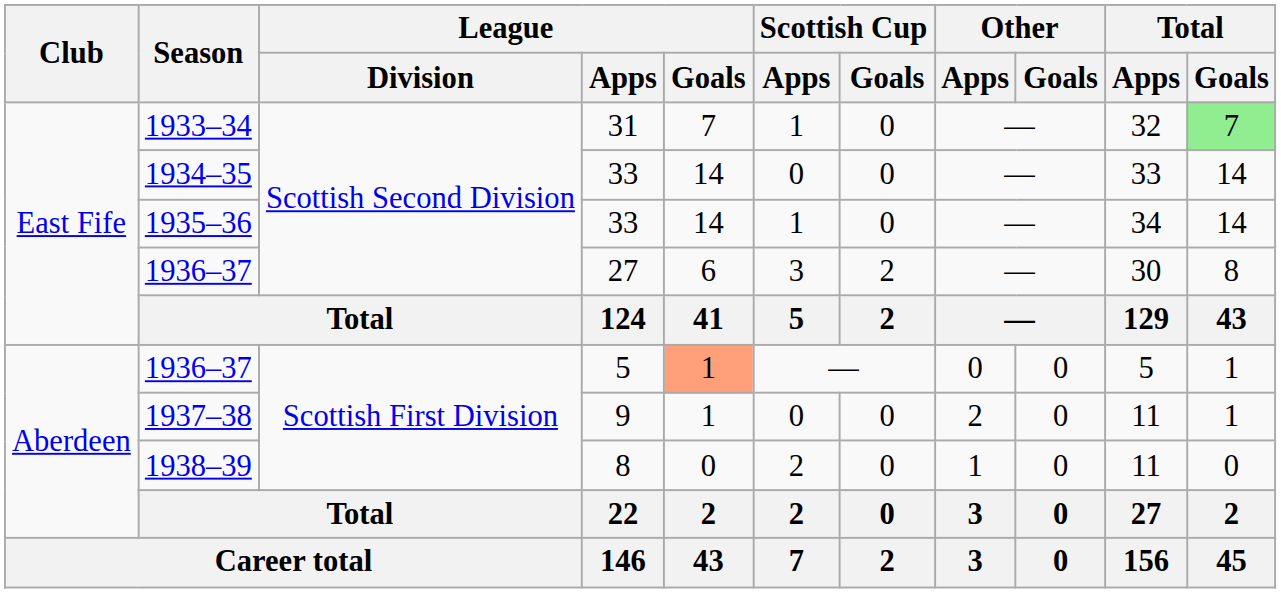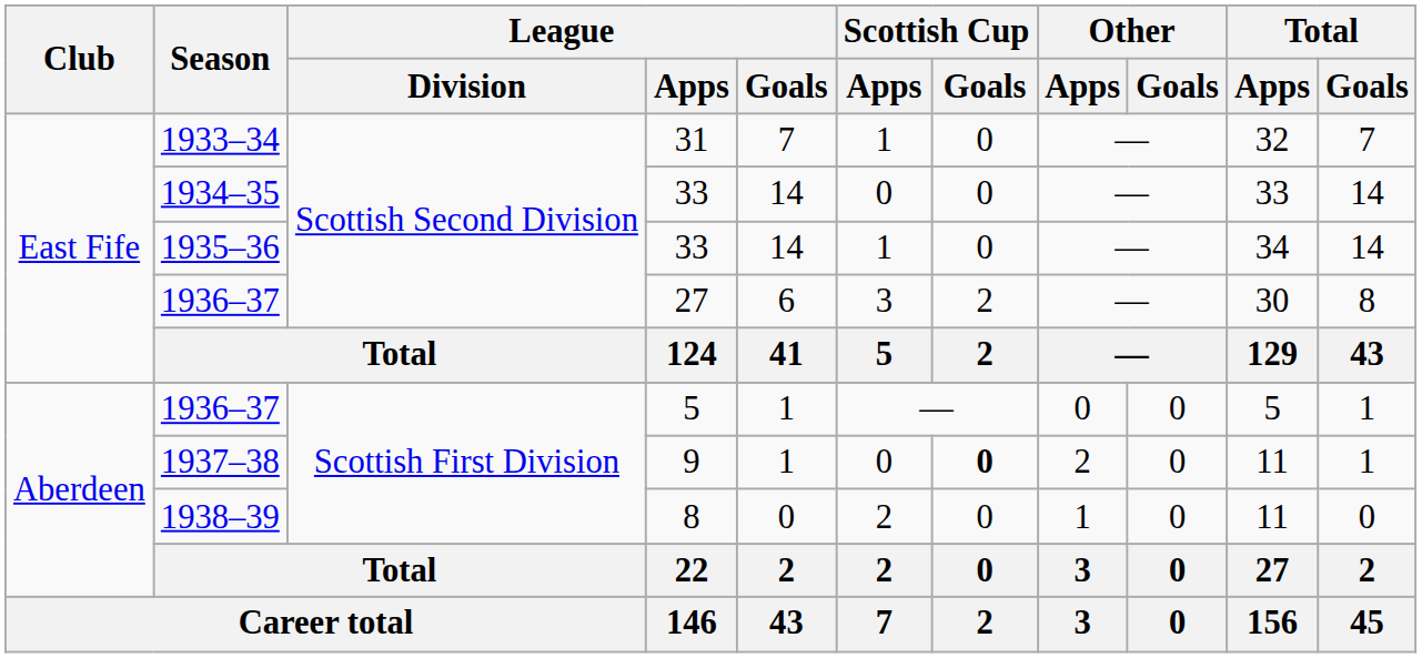 <table class="wikitable" style="text-align: center;">
 <tr>
 <th rowspan="2">Club</th>
 <th rowspan="2">Season</th>
 <th colspan="3">League</th>
 <th colspan="2">Scottish Cup</th>
 <th colspan="2">Other</th>
 <th colspan="2">Total</th>
 </tr>
 <tr>
 <th>Division</th>
 <th>Apps</th>
 <th>Goals</th>
 <th>Apps</th>
 <th>Goals</th>
 <th>Apps</th>
 <th>Goals</th>
 <th>Apps</th>
 <th>Goals</th>
 </tr>
 <tr>
 <td rowspan="5"><a href='#'>East Fife</a></td>
 <td><a href='#'>1933–34</a></td>
 <td rowspan="4"><a href='#'>Scottish Second Division</a></td>
 <td>31</td>
 <td>7</td>
 <td>1</td>
 <td>0</td>
 <td colspan="2">—</td>
 <td>32</td>
-<td style="background: lightgreen;">7</td>
+<td>7</td>
 </tr>
 <tr>
 <td><a href='#'>1934–35</a></td>
 <td>33</td>
 <td>14</td>
 <td>0</td>
 <td>0</td>
 <td colspan="2">—</td>
 <td>33</td>
 <td>14</td>
 </tr>
 <tr>
 <td><a href='#'>1935–36</a></td>
 <td>33</td>
 <td>14</td>
 <td>1</td>
 <td>0</td>
 <td colspan="2">—</td>
 <td>34</td>
 <td>14</td>
 </tr>
 <tr>
 <td><a href='#'>1936–37</a></td>
 <td>27</td>
 <td>6</td>
 <td>3</td>
 <td>2</td>
 <td colspan="2">—</td>
 <td>30</td>
 <td>8</td>
 </tr>
 <tr>
 <th colspan="2">Total</th>
 <th>124</th>
 <th>41</th>
 <th>5</th>
 <th>2</th>
 <th colspan="2">—</th>
 <th>129</th>
 <th>43</th>
 </tr>
 <tr>
 <td rowspan="4"><a href='#'>Aberdeen</a></td>
 <td><a href='#'>1936–37</a></td>
 <td rowspan="3"><a href='#'>Scottish First Division</a></td>
 <td>5</td>
-<td style="background: lightsalmon;">1</td>
+<td>1</td>
 <td colspan="2">—</td>
 <td>0</td>
 <td>0</td>
 <td>5</td>
 <td>1</td>
 </tr>
 <tr>
 <td><a href='#'>1937–38</a></td>
 <td>9</td>
 <td>1</td>
 <td>0</td>
-<td>0</td>
+<td><strong>0</strong></td>
 <td>2</td>
 <td>0</td>
 <td>11</td>
 <td>1</td>
 </tr>
 <tr>
 <td><a href='#'>1938–39</a></td>
 <td>8</td>
 <td>0</td>
 <td>2</td>
 <td>0</td>
 <td>1</td>
 <td>0</td>
 <td>11</td>
 <td>0</td>
 </tr>
 <tr>
 <th colspan="2">Total</th>
 <th>22</th>
 <th>2</th>
 <th>2</th>
 <th>0</th>
 <th>3</th>
 <th>0</th>
 <th>27</th>
 <th>2</th>
 </tr>
 <tr>
 <th colspan="3">Career total</th>
 <th>146</th>
 <th>43</th>
 <th>7</th>
 <th>2</th>
 <th>3</th>
 <th>0</th>
 <th>156</th>
 <th>45</th>
 </tr>
 </table>
